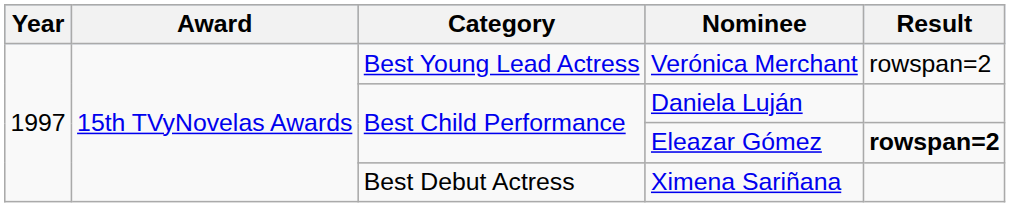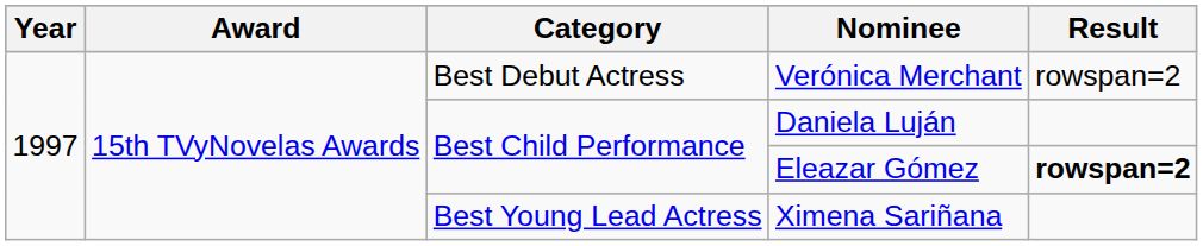 <table class="wikitable">
 <tr style="background:#b0c4de;">
 <th>Year</th>
 <th>Award</th>
 <th>Category</th>
 <th>Nominee</th>
 <th>Result</th>
 </tr>
 <tr>
 <td rowspan=4>1997</td>
 <td rowspan=4><a href='#'>15th TVyNovelas Awards</a></td>
-<td><a href='#'>Best Young Lead Actress</a></td>
+<td>Best Debut Actress</td>
 <td><a href='#'>Verónica Merchant</a></td>
 <td>rowspan=2 </td>
 </tr>
 <tr>
 <td rowspan=2><a href='#'>Best Child Performance</a></td>
 <td><a href='#'>Daniela Luján</a></td>
 </tr>
 <tr>
 <td><a href='#'>Eleazar Gómez</a></td>
 <td><strong>rowspan=2 </strong></td>
 </tr>
 <tr>
-<td>Best Debut Actress</td>
+<td><a href='#'>Best Young Lead Actress</a></td>
 <td><a href='#'>Ximena Sariñana</a></td>
 </tr>
 </table>
